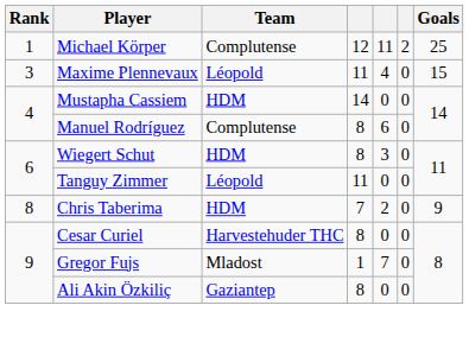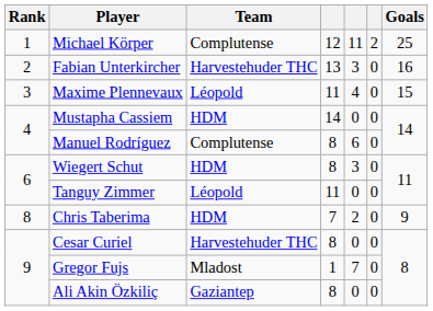 <table class="wikitable" style="text-align: center;">
 <tr>
 <th>Rank</th>
 <th>Player</th>
 <th>Team</th>
 <th></th>
 <th></th>
 <th></th>
 <th>Goals</th>
 </tr>
 <tr>
 <td>1</td>
 <td style="text-align: left;"> <a href='#'>Michael Körper</a></td>
 <td style="text-align: left;"> Complutense</td>
 <td>12</td>
 <td>11</td>
 <td>2</td>
 <td>25</td>
+</tr>
+<tr>
+<td>2</td>
+<td style="text-align: left;"> <a href='#'>Fabian Unterkircher</a></td>
+<td style="text-align: left;"> <a href='#'>Harvestehuder THC</a></td>
+<td>13</td>
+<td>3</td>
+<td>0</td>
+<td>16</td>
 </tr>
 <tr>
 <td>3</td>
 <td style="text-align: left;"> <a href='#'>Maxime Plennevaux</a></td>
 <td style="text-align: left;"> <a href='#'>Léopold</a></td>
 <td>11</td>
 <td>4</td>
 <td>0</td>
 <td>15</td>
 </tr>
 <tr>
 <td rowspan="2">4</td>
 <td style="text-align: left;"> <a href='#'>Mustapha Cassiem</a></td>
 <td style="text-align: left;"> <a href='#'>HDM</a></td>
 <td>14</td>
 <td>0</td>
 <td>0</td>
 <td rowspan="2">14</td>
 </tr>
 <tr>
 <td style="text-align: left;"> <a href='#'>Manuel Rodríguez</a></td>
 <td style="text-align: left;"> Complutense</td>
 <td>8</td>
 <td>6</td>
 <td>0</td>
 </tr>
 <tr>
 <td rowspan="2">6</td>
 <td style="text-align: left;"> <a href='#'>Wiegert Schut</a></td>
 <td style="text-align: left;"> <a href='#'>HDM</a></td>
 <td>8</td>
 <td>3</td>
 <td>0</td>
 <td rowspan="2">11</td>
 </tr>
 <tr>
 <td style="text-align: left;"> <a href='#'>Tanguy Zimmer</a></td>
 <td style="text-align: left;"> <a href='#'>Léopold</a></td>
 <td>11</td>
 <td>0</td>
 <td>0</td>
 </tr>
 <tr>
 <td>8</td>
 <td style="text-align: left;"> <a href='#'>Chris Taberima</a></td>
 <td style="text-align: left;"> <a href='#'>HDM</a></td>
 <td>7</td>
 <td>2</td>
 <td>0</td>
 <td>9</td>
 </tr>
 <tr>
 <td rowspan="3">9</td>
 <td style="text-align: left;"> <a href='#'>Cesar Curiel</a></td>
 <td style="text-align: left;"> <a href='#'>Harvestehuder THC</a></td>
 <td>8</td>
 <td>0</td>
 <td>0</td>
 <td rowspan="3">8</td>
 </tr>
 <tr>
 <td style="text-align: left;"> <a href='#'>Gregor Fujs</a></td>
 <td style="text-align: left;"> Mladost</td>
 <td>1</td>
 <td>7</td>
 <td>0</td>
 </tr>
 <tr>
 <td style="text-align: left;"> <a href='#'>Ali Akin Özkiliç</a></td>
 <td style="text-align: left;"> <a href='#'>Gaziantep</a></td>
 <td>8</td>
 <td>0</td>
 <td>0</td>
 </tr>
 </table>
